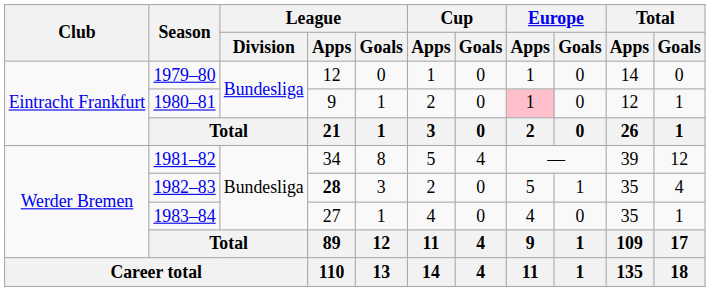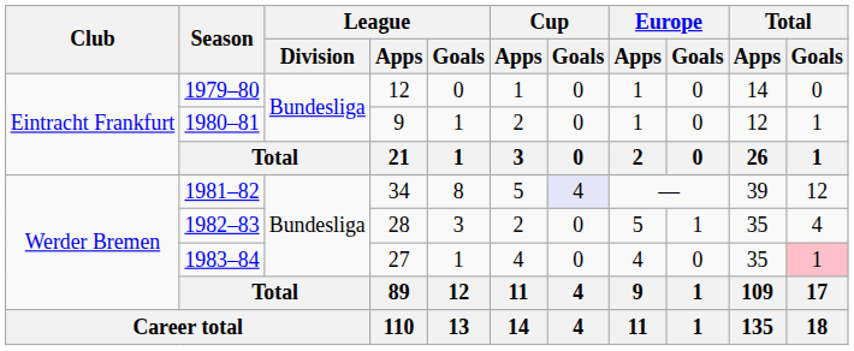 <table class="wikitable" style="text-align: center">
 <tr>
 <th rowspan="2">Club</th>
 <th rowspan="2">Season</th>
 <th colspan="3">League</th>
 <th colspan="2">Cup</th>
 <th colspan="2"><a href='#'>Europe</a></th>
 <th colspan="2">Total</th>
 </tr>
 <tr>
 <th>Division</th>
 <th>Apps</th>
 <th>Goals</th>
 <th>Apps</th>
 <th>Goals</th>
 <th>Apps</th>
 <th>Goals</th>
 <th>Apps</th>
 <th>Goals</th>
 </tr>
 <tr>
 <td rowspan="3"><a href='#'>Eintracht Frankfurt</a></td>
 <td><a href='#'>1979–80</a></td>
 <td rowspan="2"><a href='#'>Bundesliga</a></td>
 <td>12</td>
 <td>0</td>
 <td>1</td>
 <td>0</td>
 <td>1</td>
 <td>0</td>
 <td>14</td>
 <td>0</td>
 </tr>
 <tr>
 <td><a href='#'>1980–81</a></td>
 <td>9</td>
 <td>1</td>
 <td>2</td>
 <td>0</td>
-<td style="background: pink;">1</td>
+<td>1</td>
 <td>0</td>
 <td>12</td>
 <td>1</td>
 </tr>
 <tr>
 <th colspan="2">Total</th>
 <th>21</th>
 <th>1</th>
 <th>3</th>
 <th>0</th>
 <th>2</th>
 <th>0</th>
 <th>26</th>
 <th>1</th>
 </tr>
 <tr>
 <td rowspan="4"><a href='#'>Werder Bremen</a></td>
 <td><a href='#'>1981–82</a></td>
 <td rowspan="3">Bundesliga</td>
 <td>34</td>
 <td>8</td>
 <td>5</td>
-<td>4</td>
+<td style="background: lavender;">4</td>
 <td colspan="2">—</td>
 <td>39</td>
 <td>12</td>
 </tr>
 <tr>
 <td><a href='#'>1982–83</a></td>
-<td><strong>28</strong></td>
+<td>28</td>
 <td>3</td>
 <td>2</td>
 <td>0</td>
 <td>5</td>
 <td>1</td>
 <td>35</td>
 <td>4</td>
 </tr>
 <tr>
 <td><a href='#'>1983–84</a></td>
 <td>27</td>
 <td>1</td>
 <td>4</td>
 <td>0</td>
 <td>4</td>
 <td>0</td>
 <td>35</td>
-<td>1</td>
+<td style="background: pink;">1</td>
 </tr>
 <tr>
 <th colspan="2">Total</th>
 <th>89</th>
 <th>12</th>
 <th>11</th>
 <th>4</th>
 <th>9</th>
 <th>1</th>
 <th>109</th>
 <th>17</th>
 </tr>
 <tr>
 <th colspan="3">Career total</th>
 <th>110</th>
 <th>13</th>
 <th>14</th>
 <th>4</th>
 <th>11</th>
 <th>1</th>
 <th>135</th>
 <th>18</th>
 </tr>
 </table>
